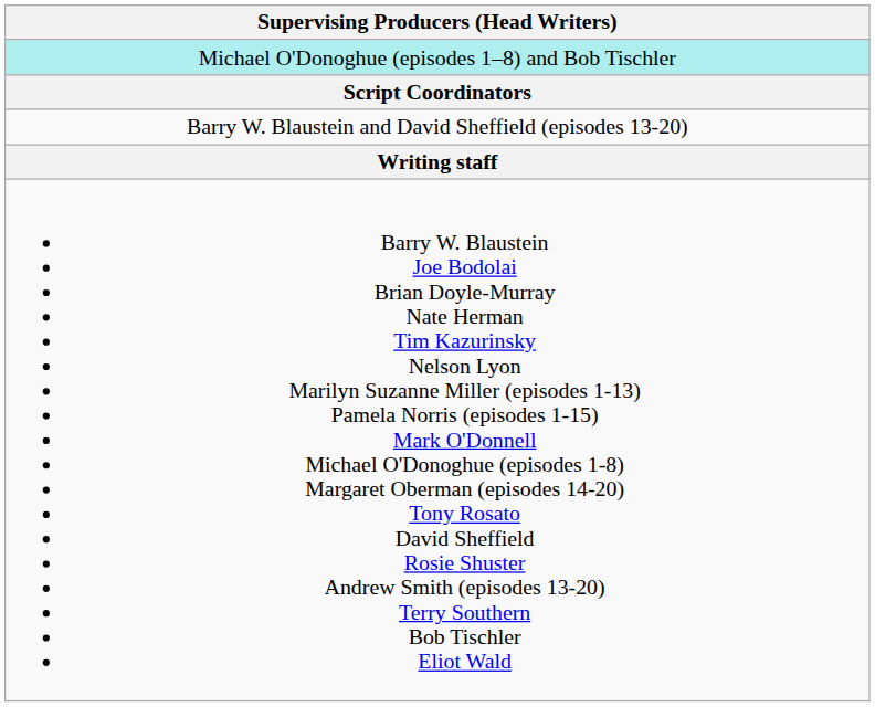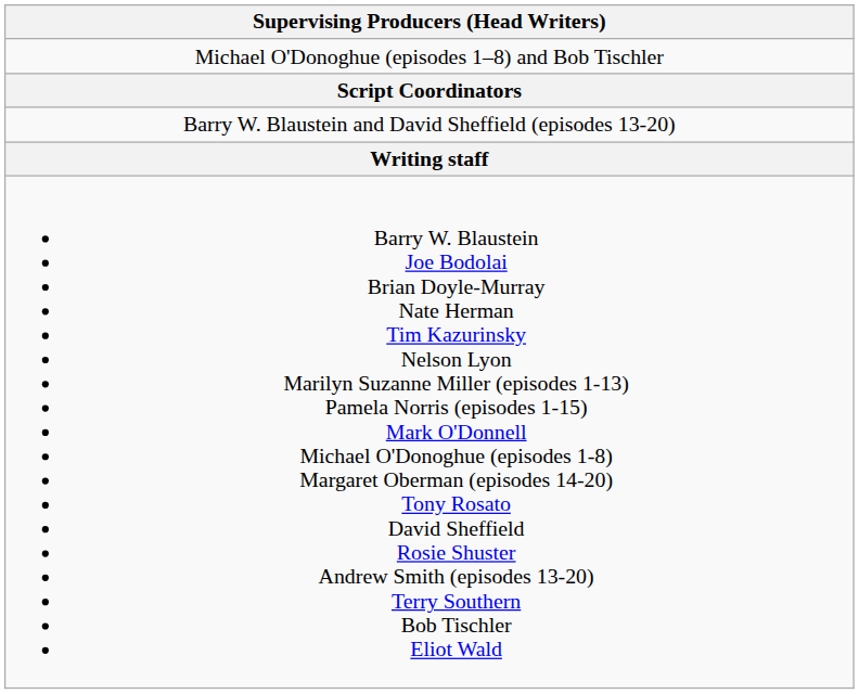 <table class="wikitable plainrowheaders"  style="text-align:center; width:50%;">
 <tr>
 <th><strong>Supervising Producers (Head Writers)</strong></th>
 </tr>
 <tr>
-<td style="background: paleturquoise;">Michael O'Donoghue (episodes 1–8) and Bob Tischler</td>
+<td>Michael O'Donoghue (episodes 1–8) and Bob Tischler</td>
 </tr>
 <tr>
 <th><strong>Script Coordinators</strong></th>
 </tr>
 <tr>
 <td>Barry W. Blaustein and David Sheffield (episodes 13-20)</td>
 </tr>
 <tr>
 <th><strong>Writing staff</strong></th>
 </tr>
 <tr>
 <td><br><ul><li>Barry W. Blaustein</li><li><a href='#'>Joe Bodolai</a></li><li>Brian Doyle-Murray</li><li>Nate Herman</li><li><a href='#'>Tim Kazurinsky</a></li><li>Nelson Lyon</li><li>Marilyn Suzanne Miller (episodes 1-13)</li><li>Pamela Norris (episodes 1-15)</li><li><a href='#'>Mark O'Donnell</a></li><li>Michael O'Donoghue (episodes 1-8)</li><li>Margaret Oberman (episodes 14-20)</li><li><a href='#'>Tony Rosato</a></li><li>David Sheffield</li><li><a href='#'>Rosie Shuster</a></li><li>Andrew Smith (episodes 13-20)</li><li><a href='#'>Terry Southern</a></li><li>Bob Tischler</li><li><a href='#'>Eliot Wald</a></li></ul></td>
 </tr>
 </table>
